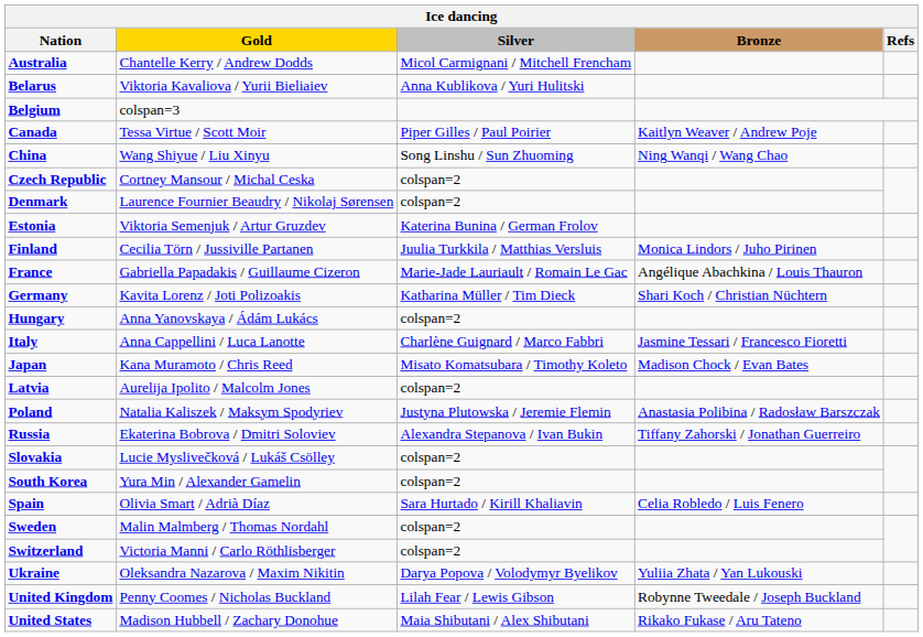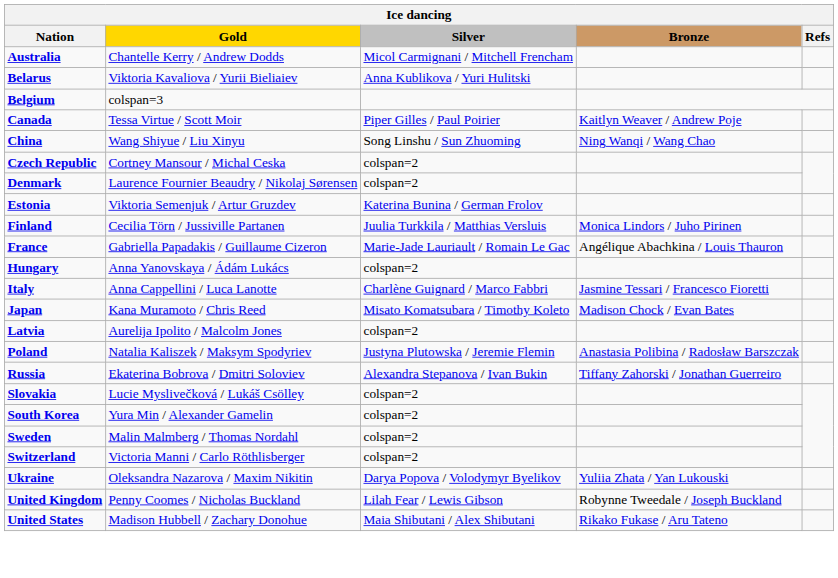 <table class="wikitable">
 <tr>
 <th colspan=5>Ice dancing</th>
 </tr>
 <tr>
 <th>Nation</th>
 <td style="text-align:center; background:gold;"><strong>Gold</strong></td>
 <td style="text-align:center; background:silver;"><strong>Silver</strong></td>
 <td style="text-align:center; background:#c96;"><strong>Bronze</strong></td>
 <th>Refs</th>
 </tr>
 <tr>
 <td><strong><a href='#'>Australia</a></strong></td>
 <td><a href='#'>Chantelle Kerry</a> / <a href='#'>Andrew Dodds</a></td>
 <td><a href='#'>Micol Carmignani</a> / <a href='#'>Mitchell Frencham</a></td>
 <td></td>
 <td></td>
 </tr>
 <tr>
 <td><strong><a href='#'>Belarus</a></strong></td>
 <td><a href='#'>Viktoria Kavaliova</a> / <a href='#'>Yurii Bieliaiev</a></td>
 <td><a href='#'>Anna Kublikova</a> / <a href='#'>Yuri Hulitski</a></td>
 <td></td>
 <td></td>
 </tr>
 <tr>
 <td><strong><a href='#'>Belgium</a></strong></td>
 <td>colspan=3 </td>
 <td></td>
 </tr>
 <tr>
 <td><strong><a href='#'>Canada</a></strong></td>
 <td><a href='#'>Tessa Virtue</a> / <a href='#'>Scott Moir</a></td>
 <td><a href='#'>Piper Gilles</a> / <a href='#'>Paul Poirier</a></td>
 <td><a href='#'>Kaitlyn Weaver</a> / <a href='#'>Andrew Poje</a></td>
 <td></td>
 </tr>
 <tr>
 <td><strong><a href='#'>China</a></strong></td>
 <td><a href='#'>Wang Shiyue</a> / <a href='#'>Liu Xinyu</a></td>
 <td>Song Linshu / <a href='#'>Sun Zhuoming</a></td>
 <td><a href='#'>Ning Wanqi</a> / <a href='#'>Wang Chao</a></td>
 <td></td>
 </tr>
 <tr>
 <td><strong><a href='#'>Czech Republic</a></strong></td>
 <td><a href='#'>Cortney Mansour</a> / <a href='#'>Michal Ceska</a></td>
 <td>colspan=2 </td>
 <td></td>
 </tr>
 <tr>
 <td><strong><a href='#'>Denmark</a></strong></td>
 <td><a href='#'>Laurence Fournier Beaudry</a> / <a href='#'>Nikolaj Sørensen</a></td>
 <td>colspan=2 </td>
 <td></td>
 </tr>
 <tr>
 <td><strong><a href='#'>Estonia</a></strong></td>
 <td><a href='#'>Viktoria Semenjuk</a> / <a href='#'>Artur Gruzdev</a></td>
 <td><a href='#'>Katerina Bunina</a> / <a href='#'>German Frolov</a></td>
 <td></td>
 <td></td>
 </tr>
 <tr>
 <td><strong><a href='#'>Finland</a></strong></td>
 <td><a href='#'>Cecilia Törn</a> / <a href='#'>Jussiville Partanen</a></td>
 <td><a href='#'>Juulia Turkkila</a> / <a href='#'>Matthias Versluis</a></td>
 <td><a href='#'>Monica Lindors</a> / <a href='#'>Juho Pirinen</a></td>
 <td></td>
 </tr>
 <tr>
 <td><strong><a href='#'>France</a></strong></td>
 <td><a href='#'>Gabriella Papadakis</a> / <a href='#'>Guillaume Cizeron</a></td>
 <td><a href='#'>Marie-Jade Lauriault</a> / <a href='#'>Romain Le Gac</a></td>
 <td>Angélique Abachkina / <a href='#'>Louis Thauron</a></td>
 <td></td>
 </tr>
 <tr>
-<td><strong><a href='#'>Germany</a></strong></td>
-<td><a href='#'>Kavita Lorenz</a> / <a href='#'>Joti Polizoakis</a></td>
-<td><a href='#'>Katharina Müller</a> / <a href='#'>Tim Dieck</a></td>
-<td><a href='#'>Shari Koch</a> / <a href='#'>Christian Nüchtern</a></td>
-<td></td>
-</tr>
-<tr>
 <td><strong><a href='#'>Hungary</a></strong></td>
 <td><a href='#'>Anna Yanovskaya</a> / <a href='#'>Ádám Lukács</a></td>
 <td>colspan=2 </td>
 <td></td>
 </tr>
 <tr>
 <td><strong><a href='#'>Italy</a></strong></td>
 <td><a href='#'>Anna Cappellini</a> / <a href='#'>Luca Lanotte</a></td>
 <td><a href='#'>Charlène Guignard</a> / <a href='#'>Marco Fabbri</a></td>
 <td><a href='#'>Jasmine Tessari</a> / <a href='#'>Francesco Fioretti</a></td>
 <td></td>
 </tr>
 <tr>
 <td><strong><a href='#'>Japan</a></strong></td>
 <td><a href='#'>Kana Muramoto</a> / <a href='#'>Chris Reed</a></td>
 <td><a href='#'>Misato Komatsubara</a> / <a href='#'>Timothy Koleto</a></td>
 <td><a href='#'>Madison Chock</a> / <a href='#'>Evan Bates</a></td>
 <td></td>
 </tr>
 <tr>
 <td><strong><a href='#'>Latvia</a></strong></td>
 <td><a href='#'>Aurelija Ipolito</a> / <a href='#'>Malcolm Jones</a></td>
 <td>colspan=2 </td>
 <td></td>
 </tr>
 <tr>
 <td><strong><a href='#'>Poland</a></strong></td>
 <td><a href='#'>Natalia Kaliszek</a> / <a href='#'>Maksym Spodyriev</a></td>
 <td><a href='#'>Justyna Plutowska</a> / <a href='#'>Jeremie Flemin</a></td>
 <td><a href='#'>Anastasia Polibina</a> / <a href='#'>Radosław Barszczak</a></td>
 <td></td>
 </tr>
 <tr>
 <td><strong><a href='#'>Russia</a></strong></td>
 <td><a href='#'>Ekaterina Bobrova</a> / <a href='#'>Dmitri Soloviev</a></td>
 <td><a href='#'>Alexandra Stepanova</a> / <a href='#'>Ivan Bukin</a></td>
 <td><a href='#'>Tiffany Zahorski</a> / <a href='#'>Jonathan Guerreiro</a></td>
 <td></td>
 </tr>
 <tr>
 <td><strong><a href='#'>Slovakia</a></strong></td>
 <td><a href='#'>Lucie Myslivečková</a> / <a href='#'>Lukáš Csölley</a></td>
 <td>colspan=2 </td>
 <td></td>
 </tr>
 <tr>
 <td><strong><a href='#'>South Korea</a></strong></td>
 <td><a href='#'>Yura Min</a> / <a href='#'>Alexander Gamelin</a></td>
 <td>colspan=2 </td>
 <td></td>
 </tr>
 <tr>
-<td><strong><a href='#'>Spain</a></strong></td>
-<td><a href='#'>Olivia Smart</a> / <a href='#'>Adrià Díaz</a></td>
-<td><a href='#'>Sara Hurtado</a> / <a href='#'>Kirill Khaliavin</a></td>
-<td><a href='#'>Celia Robledo</a> / <a href='#'>Luis Fenero</a></td>
-<td></td>
-</tr>
-<tr>
 <td><strong><a href='#'>Sweden</a></strong></td>
 <td><a href='#'>Malin Malmberg</a> / <a href='#'>Thomas Nordahl</a></td>
 <td>colspan=2 </td>
 <td></td>
 </tr>
 <tr>
 <td><strong><a href='#'>Switzerland</a></strong></td>
 <td><a href='#'>Victoria Manni</a> / <a href='#'>Carlo Röthlisberger</a></td>
 <td>colspan=2 </td>
 <td></td>
 </tr>
 <tr>
 <td><strong><a href='#'>Ukraine</a></strong></td>
 <td><a href='#'>Oleksandra Nazarova</a> / <a href='#'>Maxim Nikitin</a></td>
 <td><a href='#'>Darya Popova</a> / <a href='#'>Volodymyr Byelikov</a></td>
 <td><a href='#'>Yuliia Zhata</a> / <a href='#'>Yan Lukouski</a></td>
 <td></td>
 </tr>
 <tr>
 <td><strong><a href='#'>United Kingdom</a></strong></td>
 <td><a href='#'>Penny Coomes</a> / <a href='#'>Nicholas Buckland</a></td>
 <td><a href='#'>Lilah Fear</a> / <a href='#'>Lewis Gibson</a></td>
 <td>Robynne Tweedale / <a href='#'>Joseph Buckland</a></td>
 <td></td>
 </tr>
 <tr>
 <td><strong><a href='#'>United States</a></strong></td>
 <td><a href='#'>Madison Hubbell</a> / <a href='#'>Zachary Donohue</a></td>
 <td><a href='#'>Maia Shibutani</a> / <a href='#'>Alex Shibutani</a></td>
 <td><a href='#'>Rikako Fukase</a> / <a href='#'>Aru Tateno</a></td>
 <td></td>
 </tr>
 </table>
